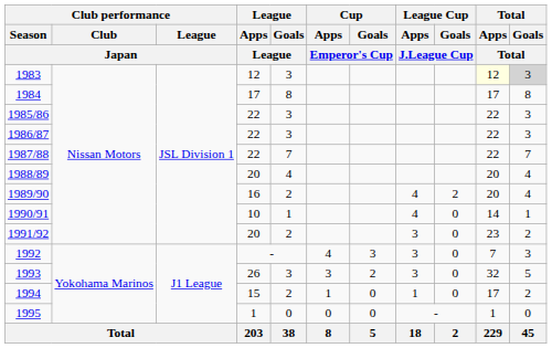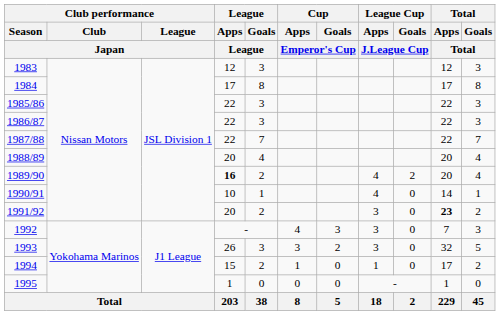 <table class="wikitable" style="text-align:center;">
 <tr>
 <th colspan=3>Club performance</th>
 <th colspan=2>League</th>
 <th colspan=2>Cup</th>
 <th colspan=2>League Cup</th>
 <th colspan=2>Total</th>
 </tr>
 <tr>
 <th>Season</th>
 <th>Club</th>
 <th>League</th>
 <th>Apps</th>
 <th>Goals</th>
 <th>Apps</th>
 <th>Goals</th>
 <th>Apps</th>
 <th>Goals</th>
 <th>Apps</th>
 <th>Goals</th>
 </tr>
 <tr>
 <th colspan=3>Japan</th>
 <th colspan=2>League</th>
 <th colspan=2><a href='#'>Emperor's Cup</a></th>
 <th colspan=2><a href='#'>J.League Cup</a></th>
 <th colspan=2>Total</th>
 </tr>
 <tr>
 <td><a href='#'>1983</a></td>
 <td rowspan="9"><a href='#'>Nissan Motors</a></td>
 <td rowspan="9"><a href='#'>JSL Division 1</a></td>
 <td>12</td>
 <td>3</td>
 <td></td>
 <td></td>
 <td></td>
 <td></td>
-<td style="background: lightyellow;">12</td>
-<td style="background: lightgrey;">3</td>
+<td>12</td>
+<td>3</td>
 </tr>
 <tr>
 <td><a href='#'>1984</a></td>
 <td>17</td>
 <td>8</td>
 <td></td>
 <td></td>
 <td></td>
 <td></td>
 <td>17</td>
 <td>8</td>
 </tr>
 <tr>
 <td><a href='#'>1985/86</a></td>
 <td>22</td>
 <td>3</td>
 <td></td>
 <td></td>
 <td></td>
 <td></td>
 <td>22</td>
 <td>3</td>
 </tr>
 <tr>
 <td><a href='#'>1986/87</a></td>
 <td>22</td>
 <td>3</td>
 <td></td>
 <td></td>
 <td></td>
 <td></td>
 <td>22</td>
 <td>3</td>
 </tr>
 <tr>
 <td><a href='#'>1987/88</a></td>
 <td>22</td>
 <td>7</td>
 <td></td>
 <td></td>
 <td></td>
 <td></td>
 <td>22</td>
 <td>7</td>
 </tr>
 <tr>
 <td><a href='#'>1988/89</a></td>
 <td>20</td>
 <td>4</td>
 <td></td>
 <td></td>
 <td></td>
 <td></td>
 <td>20</td>
 <td>4</td>
 </tr>
 <tr>
 <td><a href='#'>1989/90</a></td>
-<td>16</td>
+<td><strong>16</strong></td>
 <td>2</td>
 <td></td>
 <td></td>
 <td>4</td>
 <td>2</td>
 <td>20</td>
 <td>4</td>
 </tr>
 <tr>
 <td><a href='#'>1990/91</a></td>
 <td>10</td>
 <td>1</td>
 <td></td>
 <td></td>
 <td>4</td>
 <td>0</td>
 <td>14</td>
 <td>1</td>
 </tr>
 <tr>
 <td><a href='#'>1991/92</a></td>
 <td>20</td>
 <td>2</td>
 <td></td>
 <td></td>
 <td>3</td>
 <td>0</td>
-<td>23</td>
+<td><strong>23</strong></td>
 <td>2</td>
 </tr>
 <tr>
 <td><a href='#'>1992</a></td>
 <td rowspan="4"><a href='#'>Yokohama Marinos</a></td>
 <td rowspan="4"><a href='#'>J1 League</a></td>
 <td colspan="2">-</td>
 <td>4</td>
 <td>3</td>
 <td>3</td>
 <td>0</td>
 <td>7</td>
 <td>3</td>
 </tr>
 <tr>
 <td><a href='#'>1993</a></td>
 <td>26</td>
 <td>3</td>
 <td>3</td>
 <td>2</td>
 <td>3</td>
 <td>0</td>
 <td>32</td>
 <td>5</td>
 </tr>
 <tr>
 <td><a href='#'>1994</a></td>
 <td>15</td>
 <td>2</td>
 <td>1</td>
 <td>0</td>
 <td>1</td>
 <td>0</td>
 <td>17</td>
 <td>2</td>
 </tr>
 <tr>
 <td><a href='#'>1995</a></td>
 <td>1</td>
 <td>0</td>
 <td>0</td>
 <td>0</td>
 <td colspan="2">-</td>
 <td>1</td>
 <td>0</td>
 </tr>
 <tr>
 <th colspan=3>Total</th>
 <th>203</th>
 <th>38</th>
 <th>8</th>
 <th>5</th>
 <th>18</th>
 <th>2</th>
 <th>229</th>
 <th>45</th>
 </tr>
 </table>
